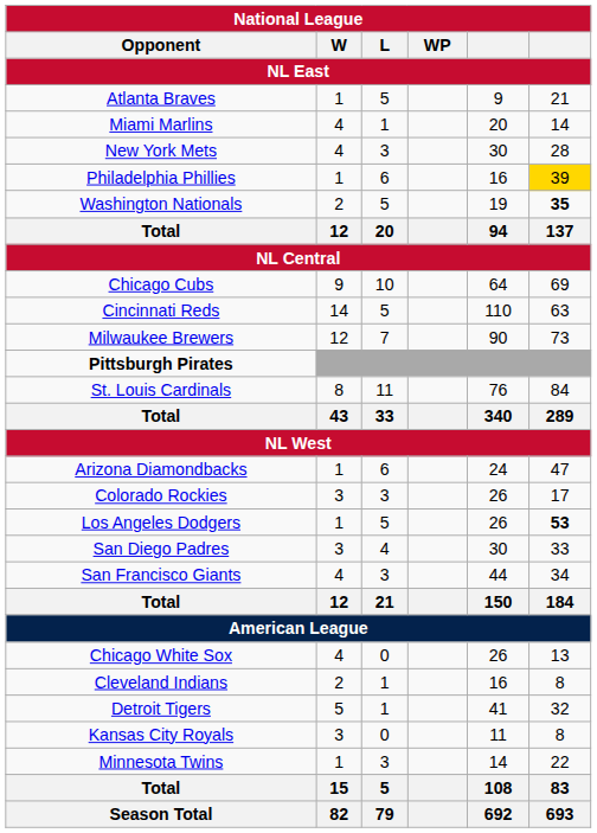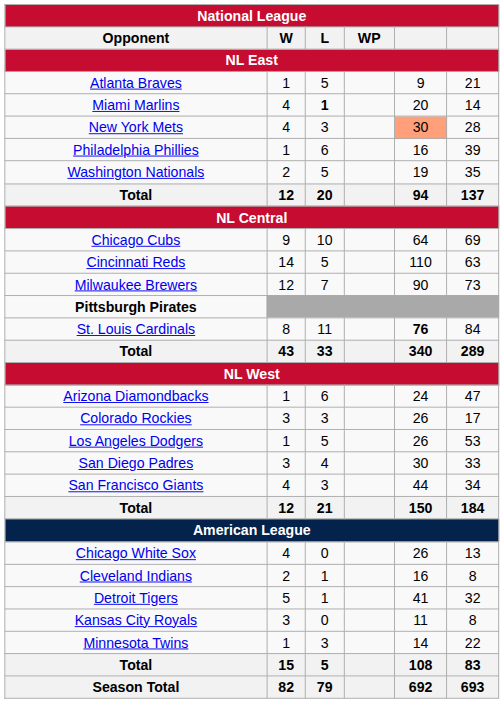 <table class="wikitable" style="font-size:95%; text-align:center; width:35em;margin: 0.5em auto;">
 <tr>
 <th colspan="7" style="background:#c60c30; color:#ffffff;">National League</th>
 </tr>
 <tr>
 <th>Opponent</th>
 <th>W</th>
 <th>L</th>
 <th>WP</th>
 <th></th>
 <th></th>
 </tr>
 <tr>
 <th colspan="7" style="background:#c60c30; color:#ffffff;">NL East</th>
 </tr>
 <tr>
 <td><a href='#'>Atlanta Braves</a></td>
 <td>1</td>
 <td>5</td>
 <td></td>
 <td>9</td>
 <td>21</td>
 </tr>
 <tr>
 <td><a href='#'>Miami Marlins</a></td>
 <td>4</td>
-<td>1</td>
+<td><strong>1</strong></td>
 <td></td>
 <td>20</td>
 <td>14</td>
 </tr>
 <tr>
 <td><a href='#'>New York Mets</a></td>
 <td>4</td>
 <td>3</td>
 <td></td>
-<td>30</td>
+<td style="background: lightsalmon;">30</td>
 <td>28</td>
 </tr>
 <tr>
 <td><a href='#'>Philadelphia Phillies</a></td>
 <td>1</td>
 <td>6</td>
 <td></td>
 <td>16</td>
-<td style="background: gold;">39</td>
+<td>39</td>
 </tr>
 <tr>
 <td><a href='#'>Washington Nationals</a></td>
 <td>2</td>
 <td>5</td>
 <td></td>
 <td>19</td>
-<td><strong>35</strong></td>
+<td>35</td>
 </tr>
 <tr>
 <th>Total</th>
 <th>12</th>
 <th>20</th>
 <th></th>
 <th>94</th>
 <th>137</th>
 </tr>
 <tr>
 <th colspan="7" style="background:#c60c30; color:#ffffff;">NL Central</th>
 </tr>
 <tr>
 <td><a href='#'>Chicago Cubs</a></td>
 <td>9</td>
 <td>10</td>
 <td></td>
 <td>64</td>
 <td>69</td>
 </tr>
 <tr>
 <td><a href='#'>Cincinnati Reds</a></td>
 <td>14</td>
 <td>5</td>
 <td></td>
 <td>110</td>
 <td>63</td>
 </tr>
 <tr>
 <td><a href='#'>Milwaukee Brewers</a></td>
 <td>12</td>
 <td>7</td>
 <td></td>
 <td>90</td>
 <td>73</td>
 </tr>
 <tr>
 <td><strong>Pittsburgh Pirates</strong></td>
 <td colspan=5 style="background:darkgray;"></td>
 </tr>
 <tr>
 <td><a href='#'>St. Louis Cardinals</a></td>
 <td>8</td>
 <td>11</td>
 <td></td>
-<td>76</td>
+<td><strong>76</strong></td>
 <td>84</td>
 </tr>
 <tr>
 <th>Total</th>
 <th>43</th>
 <th>33</th>
 <th></th>
 <th>340</th>
 <th>289</th>
 </tr>
 <tr>
 <th colspan="7" style="background:#c60c30; color:#ffffff;">NL West</th>
 </tr>
 <tr>
 <td><a href='#'>Arizona Diamondbacks</a></td>
 <td>1</td>
 <td>6</td>
 <td></td>
 <td>24</td>
 <td>47</td>
 </tr>
 <tr>
 <td><a href='#'>Colorado Rockies</a></td>
 <td>3</td>
 <td>3</td>
 <td></td>
 <td>26</td>
 <td>17</td>
 </tr>
 <tr>
 <td><a href='#'>Los Angeles Dodgers</a></td>
 <td>1</td>
 <td>5</td>
 <td></td>
 <td>26</td>
-<td><strong>53</strong></td>
+<td>53</td>
 </tr>
 <tr>
 <td><a href='#'>San Diego Padres</a></td>
 <td>3</td>
 <td>4</td>
 <td></td>
 <td>30</td>
 <td>33</td>
 </tr>
 <tr>
 <td><a href='#'>San Francisco Giants</a></td>
 <td>4</td>
 <td>3</td>
 <td></td>
 <td>44</td>
 <td>34</td>
 </tr>
 <tr>
 <th>Total</th>
 <th>12</th>
 <th>21</th>
 <th></th>
 <th>150</th>
 <th>184</th>
 </tr>
 <tr>
 <th colspan="7" style="background:#03224c; color:#ffffff;">American League</th>
 </tr>
 <tr>
 <td><a href='#'>Chicago White Sox</a></td>
 <td>4</td>
 <td>0</td>
 <td></td>
 <td>26</td>
 <td>13</td>
 </tr>
 <tr>
 <td><a href='#'>Cleveland Indians</a></td>
 <td>2</td>
 <td>1</td>
 <td></td>
 <td>16</td>
 <td>8</td>
 </tr>
 <tr>
 <td><a href='#'>Detroit Tigers</a></td>
 <td>5</td>
 <td>1</td>
 <td></td>
 <td>41</td>
 <td>32</td>
 </tr>
 <tr>
 <td><a href='#'>Kansas City Royals</a></td>
 <td>3</td>
 <td>0</td>
 <td></td>
 <td>11</td>
 <td>8</td>
 </tr>
 <tr>
 <td><a href='#'>Minnesota Twins</a></td>
 <td>1</td>
 <td>3</td>
 <td></td>
 <td>14</td>
 <td>22</td>
 </tr>
 <tr>
 <th>Total</th>
 <th>15</th>
 <th>5</th>
 <th></th>
 <th>108</th>
 <th>83</th>
 </tr>
 <tr>
 <th>Season Total</th>
 <th>82</th>
 <th>79</th>
 <th></th>
 <th>692</th>
 <th>693</th>
 </tr>
 </table>
